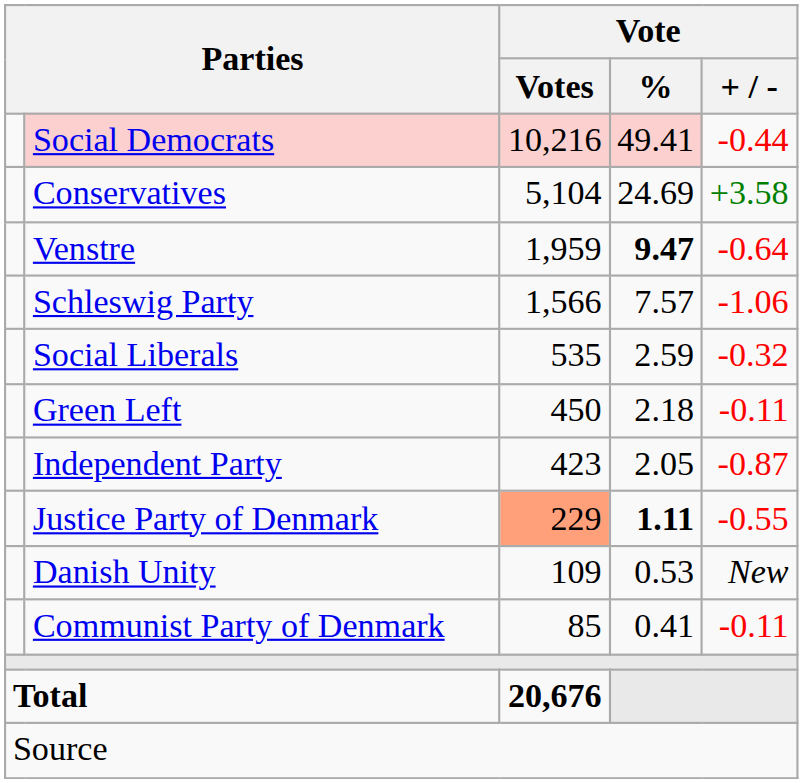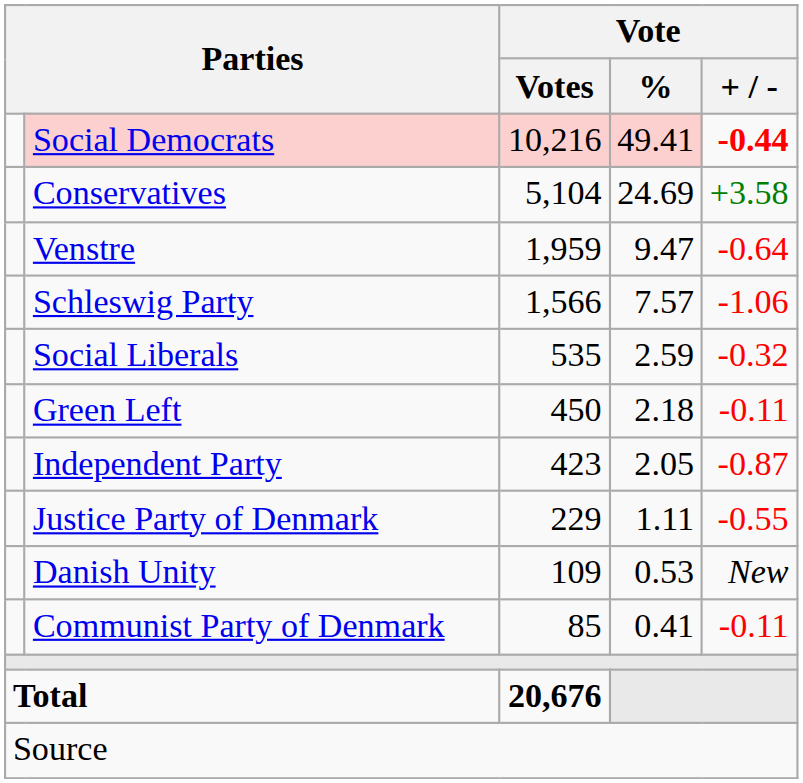 <table class="wikitable" style="text-align:right;">
 <tr>
 <th style="text-align:centre;" rowspan="2" colspan="2" width="225">Parties</th>
 <th colspan="3">Vote</th>
 </tr>
 <tr>
 <th width="15">Votes</th>
 <th width="15">%</th>
 <th width="15">+ / -</th>
 </tr>
 <tr>
 <td width="2" style="color:inherit;background:"></td>
 <td bgcolor=#fbd0ce  align="left"><a href='#'>Social Democrats</a></td>
 <td bgcolor=#fbd0ce>10,216</td>
 <td bgcolor=#fbd0ce>49.41</td>
-<td style=color:red;>-0.44</td>
+<td style=color:red;><strong>-0.44</strong></td>
 </tr>
 <tr>
 <td width="2" style="color:inherit;background:"></td>
 <td align="left"><a href='#'>Conservatives</a></td>
 <td>5,104</td>
 <td>24.69</td>
 <td style=color:green;>+3.58</td>
 </tr>
 <tr>
 <td width="2" style="color:inherit;background:"></td>
 <td align="left"><a href='#'>Venstre</a></td>
 <td>1,959</td>
-<td><strong>9.47</strong></td>
+<td>9.47</td>
 <td style=color:red;>-0.64</td>
 </tr>
 <tr>
 <td width="2" style="color:inherit;background:"></td>
 <td align="left"><a href='#'>Schleswig Party</a></td>
 <td>1,566</td>
 <td>7.57</td>
 <td style=color:red;>-1.06</td>
 </tr>
 <tr>
 <td width="2" style="color:inherit;background:"></td>
 <td align="left"><a href='#'>Social Liberals</a></td>
 <td>535</td>
 <td>2.59</td>
 <td style=color:red;>-0.32</td>
 </tr>
 <tr>
 <td width="2" style="color:inherit;background:"></td>
 <td align="left"><a href='#'>Green Left</a></td>
 <td>450</td>
 <td>2.18</td>
 <td style=color:red;>-0.11</td>
 </tr>
 <tr>
 <td width="2" style="color:inherit;background:"></td>
 <td align="left"><a href='#'>Independent Party</a></td>
 <td>423</td>
 <td>2.05</td>
 <td style=color:red;>-0.87</td>
 </tr>
 <tr>
 <td width="2" style="color:inherit;background:"></td>
 <td align="left"><a href='#'>Justice Party of Denmark</a></td>
-<td style="background: lightsalmon;">229</td>
-<td><strong>1.11</strong></td>
+<td>229</td>
+<td>1.11</td>
 <td style=color:red;>-0.55</td>
 </tr>
 <tr>
 <td width="2" style="color:inherit;background:"></td>
 <td align="left"><a href='#'>Danish Unity</a></td>
 <td>109</td>
 <td>0.53</td>
 <td><em>New</em></td>
 </tr>
 <tr>
 <td width="2" style="color:inherit;background:"></td>
 <td align="left"><a href='#'>Communist Party of Denmark</a></td>
 <td>85</td>
 <td>0.41</td>
 <td style=color:red;>-0.11</td>
 </tr>
 <tr>
 <td colspan="7" bgcolor="#E9E9E9"></td>
 </tr>
 <tr>
 <td align="left" colspan="2"><strong>Total</strong></td>
 <td><strong>20,676</strong></td>
 <td bgcolor="#E9E9E9" colspan="2"></td>
 </tr>
 <tr>
 <td align="left" colspan="6">Source</td>
 </tr>
 </table>
